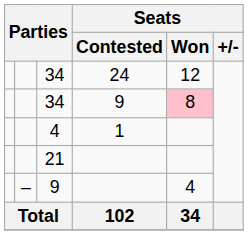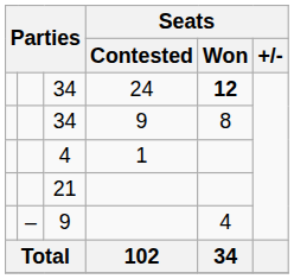 <table class="wikitable" style="text-align:center">
 <tr>
 <th colspan="3" rowspan="2">Parties</th>
 <th colspan="3">Seats</th>
 </tr>
 <tr>
 <th>Contested</th>
 <th>Won</th>
 <th>+/-</th>
 </tr>
 <tr>
 <td></td>
 <td></td>
 <td>34</td>
 <td>24</td>
-<td> 12</td>
+<td><strong> 12</strong></td>
 </tr>
 <tr>
 <td></td>
 <td></td>
 <td>34</td>
 <td>9</td>
-<td style="background: pink;"> 8</td>
+<td> 8</td>
 </tr>
 <tr>
 <td></td>
 <td></td>
 <td>4</td>
 <td>1</td>
 <td></td>
 </tr>
 <tr>
 <td></td>
 <td></td>
 <td>21</td>
 <td></td>
 <td></td>
 </tr>
 <tr>
 <td></td>
 <td>–</td>
 <td>9</td>
 <td></td>
 <td> 4</td>
 </tr>
 <tr>
 <th colspan="3" align="centre">Total</th>
 <th>102</th>
 <th>34</th>
 <th></th>
 </tr>
 <tr>
 </tr>
 </table>
